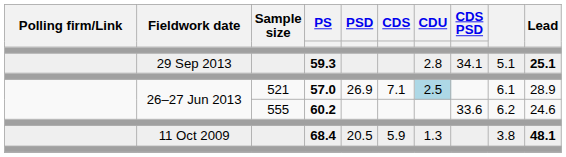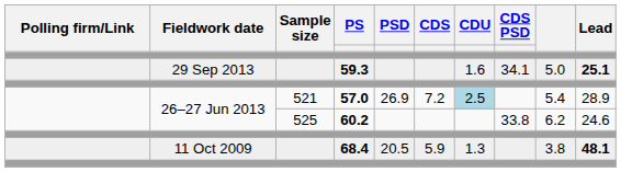 <table class="wikitable collapsible sortable" style="text-align:center; font-size:95%; line-height:16px;">
 <tr style="height:42px;">
 <th style="width:145px;" rowspan="2">Polling firm/Link</th>
 <th style="width:125px;" rowspan="2">Fieldwork date</th>
 <th class="unsortable" style="width:50px;" rowspan="2">Sample size</th>
 <th class="unsortable" style="width:35px;"><a href='#'>PS</a></th>
 <th class="unsortable" style="width:35px;"><a href='#'>PSD</a></th>
 <th class="unsortable" style="width:35px;"><a href='#'>CDS</a></th>
 <th class="unsortable" style="width:35px;"><a href='#'>CDU</a></th>
 <th class="unsortable" style="width:35px;"><a href='#'>CDS</a><br><a href='#'>PSD</a></th>
 <th class="unsortable" style="width:35px;" rowspan="2"></th>
 <th class="unsortable" style="width:30px;" rowspan="2">Lead</th>
 </tr>
 <tr>
 <th class="unsortable" style="color:inherit;background:"></th>
 <th class="unsortable" style="color:inherit;background:"></th>
 <th class="unsortable" style="color:inherit;background:"></th>
 <th class="unsortable" style="color:inherit;background:"></th>
 <th class="unsortable" style="color:inherit;background:"></th>
 </tr>
 <tr>
 <td colspan="13" style="background:#A0A0A0"></td>
 </tr>
 <tr style="background:#EFEFEF;">
 <td><strong></strong></td>
 <td data-sort-value="2019-10-06">29 Sep 2013</td>
 <td></td>
 <td><strong>59.3</strong><br></td>
 <td></td>
 <td></td>
-<td>2.8<br></td>
+<td>1.6<br></td>
 <td>34.1<br></td>
-<td>5.1</td>
+<td>5.0</td>
 <td style="background:"><strong>25.1</strong></td>
 </tr>
 <tr>
 <td colspan="13" style="background:#A0A0A0"></td>
 </tr>
 <tr>
 <td rowspan="2" align="center"></td>
 <td rowspan="2" align="center">26–27 Jun 2013</td>
 <td>521</td>
 <td align="center" ><strong>57.0</strong></td>
 <td align="center">26.9</td>
-<td align="center">7.1</td>
+<td align="center">7.2</td>
 <td align="center" style="background: lightblue;">2.5</td>
 <td></td>
-<td align="center">6.1</td>
+<td align="center">5.4</td>
 <td style="background:">28.9</td>
 </tr>
 <tr>
-<td>555</td>
+<td>525</td>
 <td align="center" ><strong>60.2</strong></td>
 <td></td>
 <td></td>
 <td></td>
-<td align="center">33.6</td>
+<td align="center">33.8</td>
 <td align="center">6.2</td>
 <td style="background:">24.6</td>
 </tr>
 <tr>
 <td colspan="13" style="background:#A0A0A0"></td>
 </tr>
 <tr style="background:#EFEFEF;">
 <td><strong></strong></td>
 <td data-sort-value="2019-10-06">11 Oct 2009</td>
 <td></td>
 <td><strong>68.4</strong><br></td>
 <td>20.5<br></td>
 <td>5.9<br></td>
 <td>1.3<br></td>
 <td></td>
 <td>3.8</td>
 <td style="background:"><strong>48.1</strong></td>
 </tr>
 <tr>
 <td colspan="13" style="background:#A0A0A0"></td>
 </tr>
 <tr>
 </tr>
 </table>
